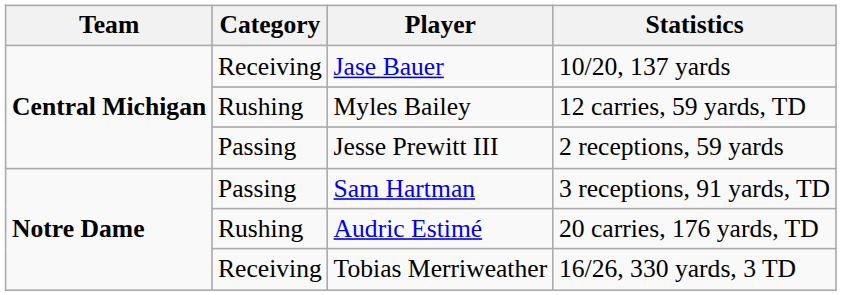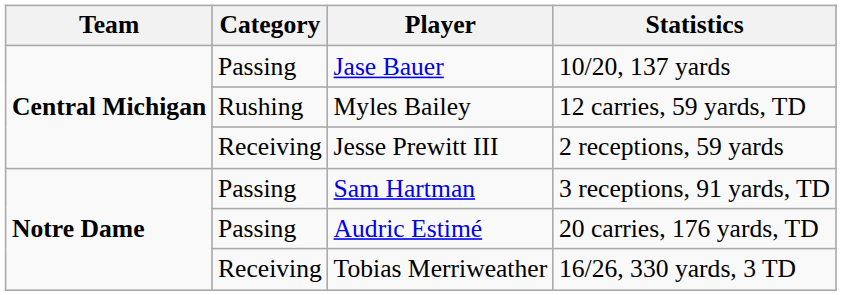 <table class="wikitable" style="float: right;">
 <tr>
 <th>Team</th>
 <th>Category</th>
 <th>Player</th>
 <th>Statistics</th>
 </tr>
 <tr>
 <td rowspan=3><strong>Central Michigan</strong></td>
-<td>Receiving</td>
+<td>Passing</td>
 <td><a href='#'>Jase Bauer</a></td>
 <td>10/20, 137 yards</td>
 </tr>
 <tr>
 <td>Rushing</td>
 <td>Myles Bailey</td>
 <td>12 carries, 59 yards, TD</td>
 </tr>
 <tr>
-<td>Passing</td>
+<td>Receiving</td>
 <td>Jesse Prewitt III</td>
 <td>2 receptions, 59 yards</td>
 </tr>
 <tr>
 <td rowspan=3><strong>Notre Dame</strong></td>
 <td>Passing</td>
 <td><a href='#'>Sam Hartman</a></td>
 <td>3 receptions, 91 yards, TD</td>
 </tr>
 <tr>
-<td>Rushing</td>
+<td>Passing</td>
 <td><a href='#'>Audric Estimé</a></td>
 <td>20 carries, 176 yards, TD</td>
 </tr>
 <tr>
 <td>Receiving</td>
 <td>Tobias Merriweather</td>
 <td>16/26, 330 yards, 3 TD</td>
 </tr>
 </table>
